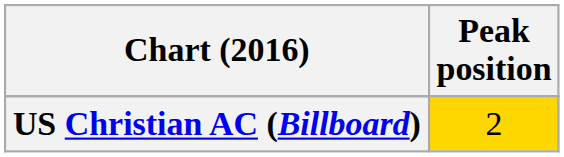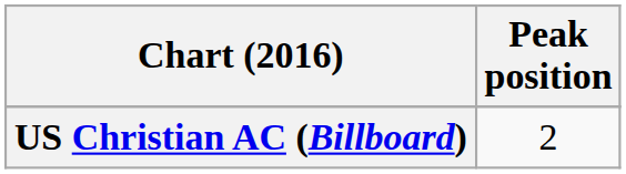 <table class="wikitable sortable plainrowheaders" style="text-align:center;">
 <tr>
 <th>Chart (2016)</th>
 <th>Peak <br> position</th>
 </tr>
 <tr>
 </tr>
 <tr>
 </tr>
 <tr>
 <th scope="row">US <a href='#'>Christian AC</a> (<em><a href='#'>Billboard</a></em>)</th>
-<td style="background: gold;">2</td>
+<td>2</td>
 </tr>
 </table>
